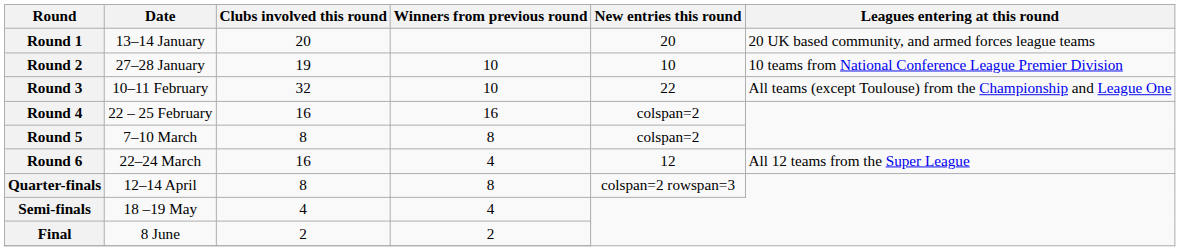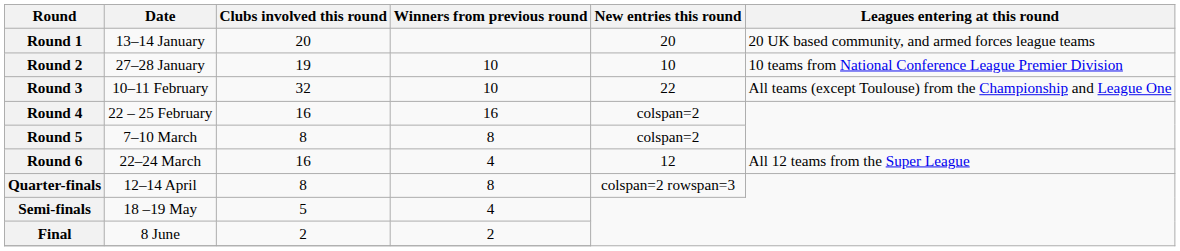 <table class="wikitable plainrowheaders" style="text-align:center;">
 <tr>
 <th scope="col">Round</th>
 <th scope="col">Date</th>
 <th scope="col">Clubs involved this round</th>
 <th scope="col">Winners from previous round</th>
 <th scope="col">New entries this round</th>
 <th scope="col">Leagues entering at this round</th>
 </tr>
 <tr>
 <th scope="row" style="text-align:center;">Round 1</th>
 <td>13–14 January</td>
 <td>20</td>
 <td></td>
 <td>20</td>
 <td style="text-align: left;">20 UK based community, and armed forces league teams</td>
 </tr>
 <tr>
 <th scope="row" style="text-align:center;">Round 2</th>
 <td>27–28 January</td>
 <td>19</td>
 <td>10</td>
 <td>10</td>
 <td style="text-align: left;">10 teams from <a href='#'>National Conference League Premier Division</a></td>
 </tr>
 <tr>
 <th scope="row" style="text-align:center;">Round 3</th>
 <td>10–11 February</td>
 <td>32</td>
 <td>10</td>
 <td>22</td>
 <td style="text-align: left;">All teams (except Toulouse) from the <a href='#'>Championship</a> and <a href='#'>League One</a></td>
 </tr>
 <tr>
 <th scope="row" style="text-align:center;">Round 4</th>
 <td>22 – 25 February</td>
 <td>16</td>
 <td>16</td>
 <td>colspan=2</td>
 </tr>
 <tr>
 <th scope="row" style="text-align:center;">Round 5</th>
 <td>7–10 March</td>
 <td>8</td>
 <td>8</td>
 <td>colspan=2</td>
 </tr>
 <tr>
 <th scope="row" style="text-align:center;">Round 6</th>
 <td>22–24 March</td>
 <td>16</td>
 <td>4</td>
 <td>12</td>
 <td style="text-align: left;">All 12 teams from the <a href='#'>Super League</a></td>
 </tr>
 <tr>
 <th scope="row" style="text-align:center;">Quarter-finals</th>
 <td>12–14 April</td>
 <td>8</td>
 <td>8</td>
 <td>colspan=2 rowspan=3</td>
 </tr>
 <tr>
 <th scope="row" style="text-align:center;">Semi-finals</th>
 <td>18 –19 May</td>
-<td>4</td>
+<td>5</td>
 <td>4</td>
 </tr>
 <tr>
 <th scope="row" style="text-align:center;">Final</th>
 <td>8 June</td>
 <td>2</td>
 <td>2</td>
 </tr>
 <tr>
 </tr>
 </table>
